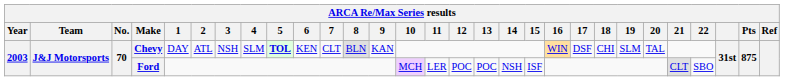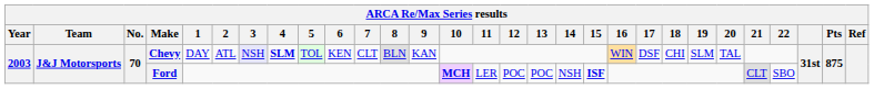 <table class="wikitable" style="text-align:center; font-size:75%">
 <tr>
 <th colspan=29><a href='#'>ARCA Re/Max Series</a> results</th>
 </tr>
 <tr>
 <th>Year</th>
 <th>Team</th>
 <th>No.</th>
 <th>Make</th>
 <th>1</th>
 <th>2</th>
 <th>3</th>
 <th>4</th>
 <th>5</th>
 <th>6</th>
 <th>7</th>
 <th>8</th>
 <th>9</th>
 <th>10</th>
 <th>11</th>
 <th>12</th>
 <th>13</th>
 <th>14</th>
 <th>15</th>
 <th>16</th>
 <th>17</th>
 <th>18</th>
 <th>19</th>
 <th>20</th>
 <th>21</th>
 <th>22</th>
 <th></th>
 <th>Pts</th>
 <th>Ref</th>
 </tr>
 <tr>
 <th rowspan=2><a href='#'>2003</a></th>
 <th rowspan=2><a href='#'>J&J Motorsports</a></th>
 <th rowspan=2>70</th>
 <th><a href='#'>Chevy</a></th>
 <td><a href='#'>DAY</a></td>
 <td><a href='#'>ATL</a></td>
-<td><a href='#'>NSH</a></td>
-<td><a href='#'>SLM</a></td>
-<td style="background:#DFFFDF;"><strong><a href='#'>TOL</a><br></strong></td>
+<td style="background: lavender;"><a href='#'>NSH</a></td>
+<td><strong><a href='#'>SLM</a></strong></td>
+<td style="background:#DFFFDF;"><a href='#'>TOL</a><br></td>
 <td><a href='#'>KEN</a></td>
 <td><a href='#'>CLT</a></td>
 <td style="background:#DFDFDF;"><a href='#'>BLN</a><br></td>
 <td><a href='#'>KAN</a></td>
 <td colspan=6></td>
 <td style="background:#FFDF9F;"><a href='#'>WIN</a><br></td>
 <td><a href='#'>DSF</a></td>
 <td><a href='#'>CHI</a></td>
 <td><a href='#'>SLM</a></td>
 <td><a href='#'>TAL</a></td>
 <td colspan=2></td>
 <th rowspan=2>31st</th>
 <th rowspan=2>875</th>
 <th rowspan=2></th>
 </tr>
 <tr>
 <th><a href='#'>Ford</a></th>
 <td colspan=9></td>
-<td style="background:#EFCFFF;"><a href='#'>MCH</a><br></td>
+<td style="background:#EFCFFF;"><strong><a href='#'>MCH</a><br></strong></td>
 <td><a href='#'>LER</a></td>
 <td><a href='#'>POC</a></td>
 <td><a href='#'>POC</a></td>
 <td><a href='#'>NSH</a></td>
-<td><a href='#'>ISF</a></td>
+<td><strong><a href='#'>ISF</a></strong></td>
 <td colspan=5></td>
 <td style="background:#DFDFDF;"><a href='#'>CLT</a><br></td>
 <td><a href='#'>SBO</a></td>
 </tr>
 </table>
